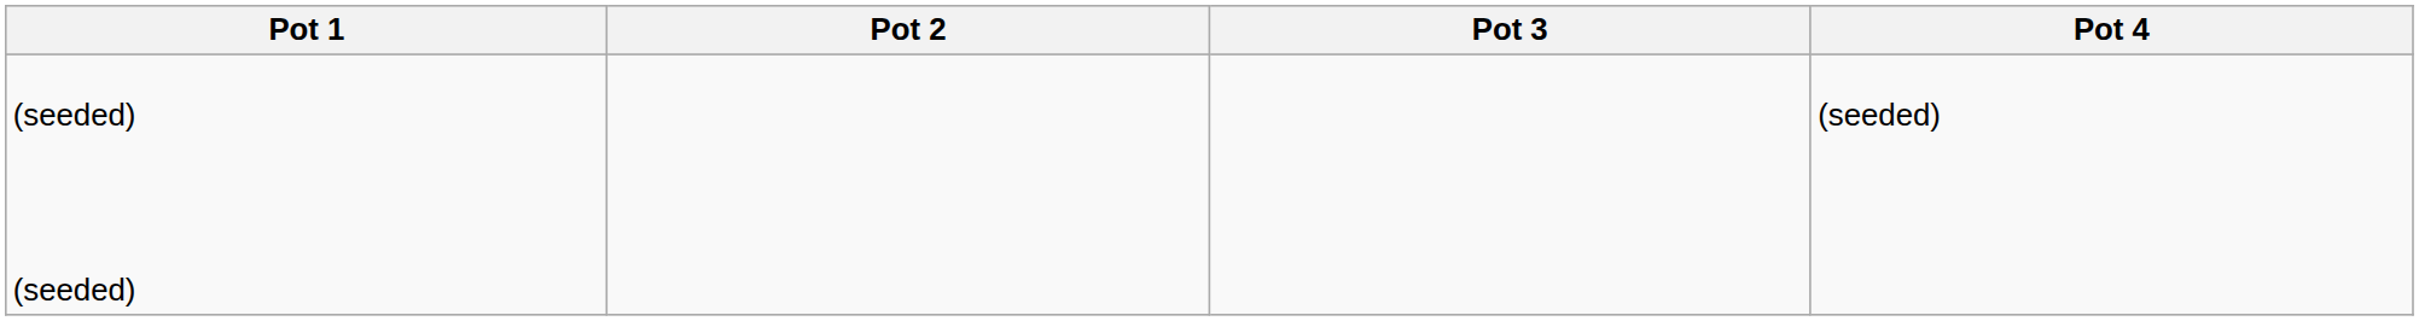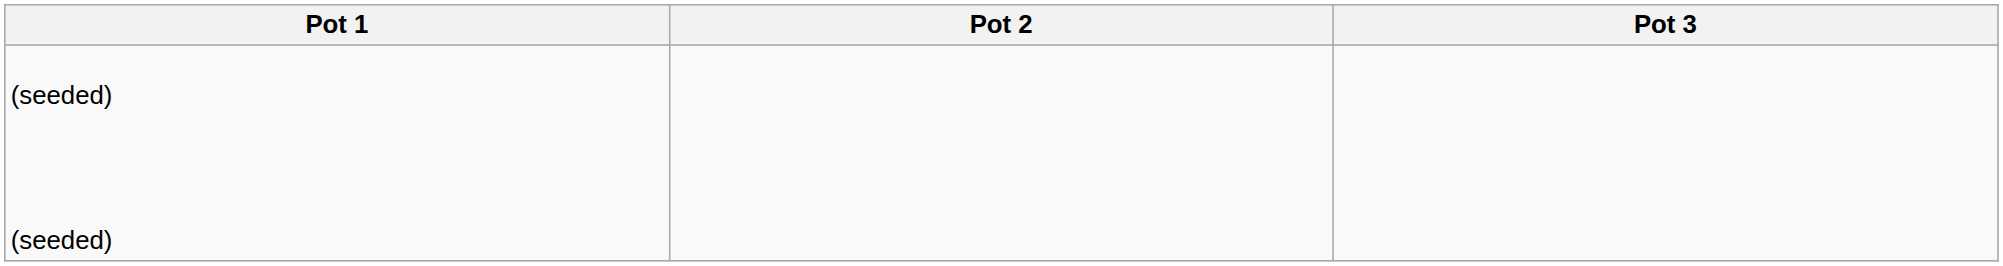 <table class="wikitable" width=98%>
 <tr>
 <th width=20%>Pot 1</th>
 <th width=20%>Pot 2</th>
 <th width=20%>Pot 3</th>
-<th width=20%>Pot 4</th>
 </tr>
 <tr>
 <td><br> (seeded)<br> <br> <br> <br> <br>  (seeded)<br></td>
 <td><br><br> <br> <br> <br> <br> <br></td>
 <td><br><br> <br> <br> <br> <br> <br></td>
-<td><br> (seeded)<br> <br> <br> <br> <br> <br></td>
 </tr>
 </table>
